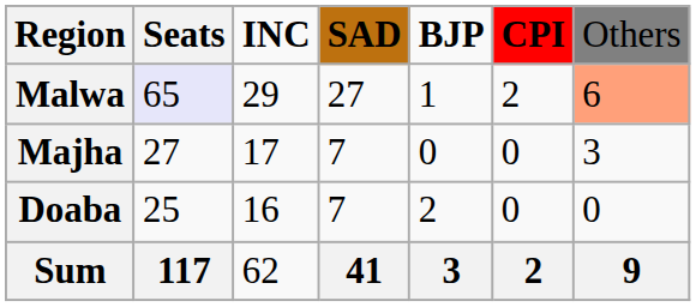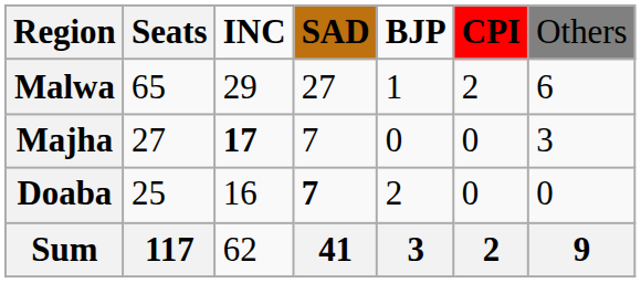 <table class="wikitable sortable">
 <tr>
 <th>Region</th>
 <th>Seats</th>
 <td><span><strong>INC</strong></span></td>
 <td bgcolor="#BD710F"><span><strong>SAD</strong></span></td>
 <td style="text-align:center; background:"><strong>BJP</strong></td>
 <td bgcolor=#FF0000><span><strong>CPI</strong></span></td>
 <td style="background:gray;">Others</td>
 </tr>
 <tr>
 <th>Malwa</th>
-<td style="background: lavender;">65</td>
+<td>65</td>
 <td>29</td>
 <td>27</td>
 <td>1</td>
 <td>2</td>
-<td style="background: lightsalmon;">6</td>
+<td>6</td>
 </tr>
 <tr>
 <th>Majha</th>
 <td>27</td>
-<td>17</td>
+<td><strong>17</strong></td>
 <td>7</td>
 <td>0</td>
 <td>0</td>
 <td>3</td>
 </tr>
 <tr>
 <th>Doaba</th>
 <td>25</td>
 <td>16</td>
-<td>7</td>
+<td><strong>7</strong></td>
 <td>2</td>
 <td>0</td>
 <td>0</td>
 </tr>
 <tr>
 <th>Sum</th>
 <th>117</th>
 <td>62</td>
 <th>41</th>
 <th>3</th>
 <th>2</th>
 <th>9</th>
 </tr>
 </table>
